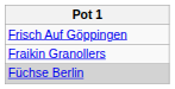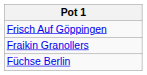 <table class="wikitable">
 <tr>
 <th width=205>Pot 1</th>
 </tr>
 <tr>
 <td> <a href='#'>Frisch Auf Göppingen</a></td>
 </tr>
 <tr>
 <td> <a href='#'>Fraikin Granollers</a></td>
 </tr>
 <tr>
-<td style="background: lightgrey;"> <a href='#'>Füchse Berlin</a></td>
+<td> <a href='#'>Füchse Berlin</a></td>
 </tr>
 </table>
